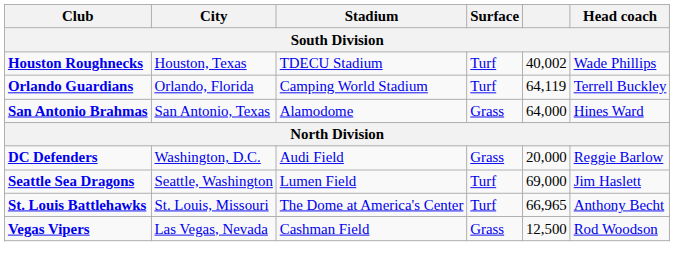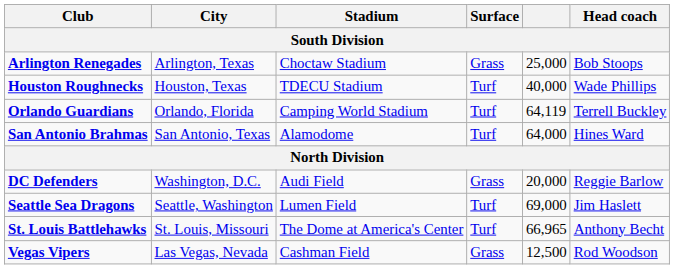 <table class="plainrowheaders wikitable">
 <tr>
 <th scope="col">Club</th>
 <th scope="col">City</th>
 <th scope="col">Stadium</th>
 <th scope="col">Surface</th>
 <th scope="col"></th>
 <th scope="col">Head coach</th>
 </tr>
 <tr>
 <th colspan="6" style="text-align:center;">South Division</th>
 </tr>
 <tr>
+<td scope="row"><strong><a href='#'>Arlington Renegades</a></strong></td>
+<td><a href='#'>Arlington, Texas</a></td>
+<td><a href='#'>Choctaw Stadium</a></td>
+<td><a href='#'>Grass</a></td>
+<td>25,000</td>
+<td><a href='#'>Bob Stoops</a></td>
+</tr>
+<tr>
 <td scope="row"><strong><a href='#'>Houston Roughnecks</a></strong></td>
 <td><a href='#'>Houston, Texas</a></td>
 <td><a href='#'>TDECU Stadium</a></td>
 <td><a href='#'>Turf</a></td>
-<td>40,002</td>
+<td>40,000</td>
 <td><a href='#'>Wade Phillips</a></td>
 </tr>
 <tr>
 <td scope="row"><strong><a href='#'>Orlando Guardians</a></strong></td>
 <td><a href='#'>Orlando, Florida</a></td>
 <td><a href='#'>Camping World Stadium</a></td>
 <td><a href='#'>Turf</a></td>
 <td>64,119</td>
 <td><a href='#'>Terrell Buckley</a></td>
 </tr>
 <tr>
 <td scope="row"><strong><a href='#'>San Antonio Brahmas</a></strong></td>
 <td><a href='#'>San Antonio, Texas</a></td>
 <td><a href='#'>Alamodome</a></td>
-<td><a href='#'>Grass</a></td>
+<td><a href='#'>Turf</a></td>
 <td>64,000</td>
 <td><a href='#'>Hines Ward</a></td>
 </tr>
 <tr>
 <th colspan="6" style="text-align:center;">North Division</th>
 </tr>
 <tr>
 <td scope="row"><strong><a href='#'>DC Defenders</a></strong></td>
 <td><a href='#'>Washington, D.C.</a></td>
 <td><a href='#'>Audi Field</a></td>
 <td><a href='#'>Grass</a></td>
 <td>20,000</td>
 <td><a href='#'>Reggie Barlow</a></td>
 </tr>
 <tr>
 <td scope="row"><strong><a href='#'>Seattle Sea Dragons</a></strong></td>
 <td><a href='#'>Seattle, Washington</a></td>
 <td><a href='#'>Lumen Field</a></td>
 <td><a href='#'>Turf</a></td>
 <td>69,000</td>
 <td><a href='#'>Jim Haslett</a></td>
 </tr>
 <tr>
 <td scope="row"><strong><a href='#'>St. Louis Battlehawks</a></strong></td>
 <td><a href='#'>St. Louis, Missouri</a></td>
 <td><a href='#'>The Dome at America's Center</a></td>
 <td><a href='#'>Turf</a></td>
 <td>66,965</td>
 <td><a href='#'>Anthony Becht</a></td>
 </tr>
 <tr>
 <td scope="row"><strong><a href='#'>Vegas Vipers</a></strong></td>
 <td><a href='#'>Las Vegas, Nevada</a></td>
 <td><a href='#'>Cashman Field</a></td>
 <td><a href='#'>Grass</a></td>
 <td>12,500</td>
 <td><a href='#'>Rod Woodson</a></td>
 </tr>
 </table>
